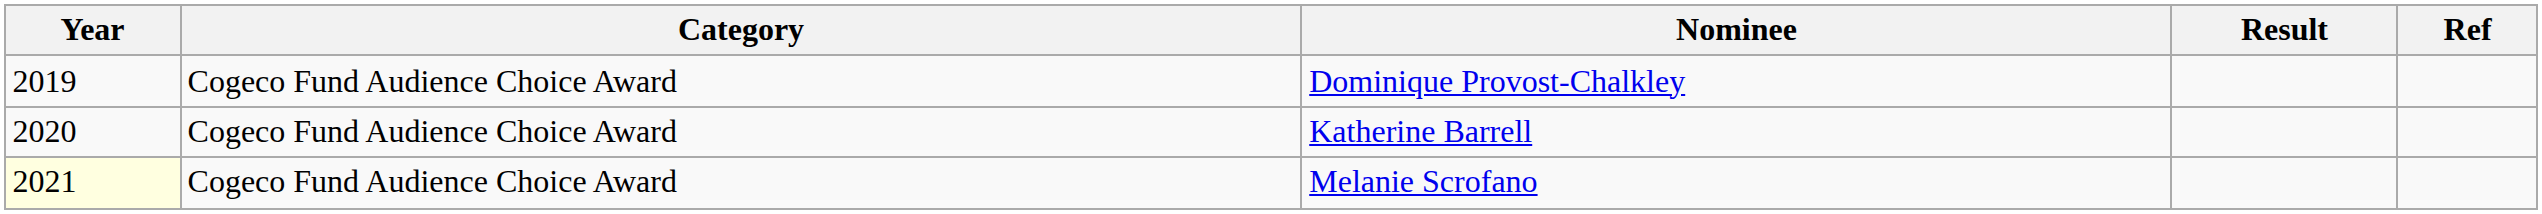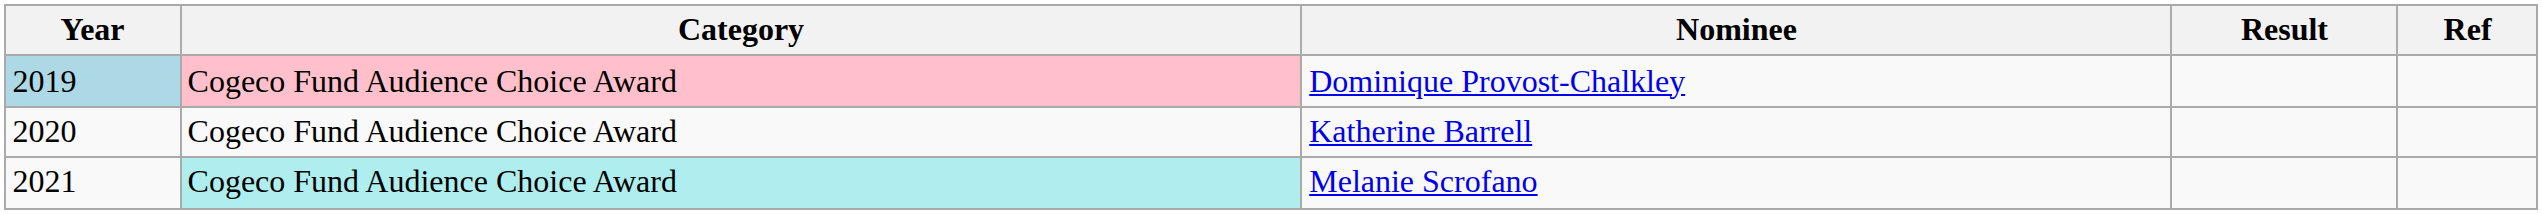 <table class="wikitable" style="width:80%;" "text-align:center;">
 <tr>
 <th>Year</th>
 <th>Category</th>
 <th>Nominee</th>
 <th>Result</th>
 <th>Ref</th>
 </tr>
 <tr>
-<td>2019</td>
-<td>Cogeco Fund Audience Choice Award</td>
+<td style="background: lightblue;">2019</td>
+<td style="background: pink;">Cogeco Fund Audience Choice Award</td>
 <td><a href='#'>Dominique Provost-Chalkley</a></td>
 <td></td>
 <td></td>
 </tr>
 <tr>
 <td>2020</td>
 <td>Cogeco Fund Audience Choice Award</td>
 <td><a href='#'>Katherine Barrell</a></td>
 <td></td>
 <td></td>
 </tr>
 <tr>
-<td style="background: lightyellow;">2021</td>
-<td>Cogeco Fund Audience Choice Award</td>
+<td>2021</td>
+<td style="background: paleturquoise;">Cogeco Fund Audience Choice Award</td>
 <td><a href='#'>Melanie Scrofano</a></td>
 <td></td>
 <td></td>
 </tr>
 <tr>
 </tr>
 </table>
